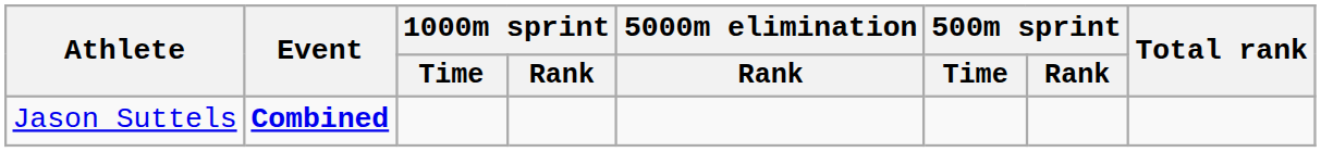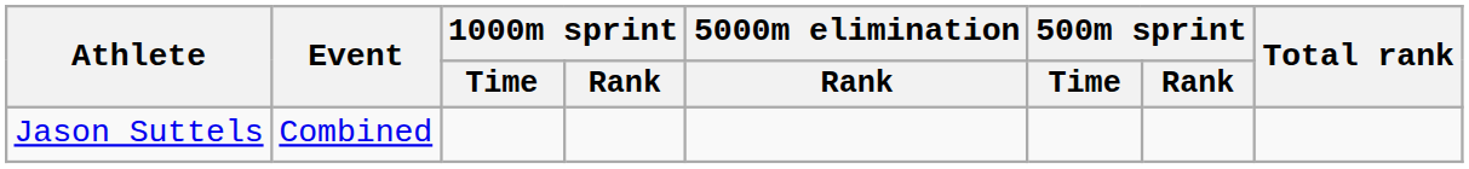 <table class="wikitable" style="font-size:90%;">
 <tr>
 <th rowspan=2>Athlete</th>
 <th rowspan=2>Event</th>
 <th colspan=2>1000m sprint</th>
 <th>5000m elimination</th>
 <th colspan=2>500m sprint</th>
 <th rowspan=2>Total rank</th>
 </tr>
 <tr style="font-size:95%">
 <th>Time</th>
 <th>Rank</th>
 <th>Rank</th>
 <th>Time</th>
 <th>Rank</th>
 </tr>
 <tr align=center>
 <td rowspan=2 align=left><a href='#'>Jason Suttels</a></td>
-<td align=left><strong><a href='#'>Combined</a></strong></td>
+<td align=left><a href='#'>Combined</a></td>
 <td></td>
 <td></td>
 <td></td>
 <td></td>
 <td></td>
 <td></td>
 </tr>
 </table>
